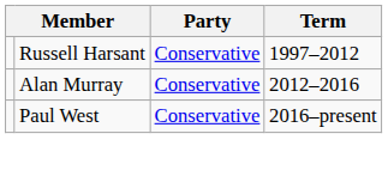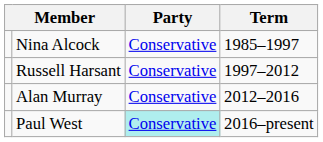 <table class="wikitable">
 <tr>
 <th colspan="2">Member</th>
 <th>Party</th>
 <th>Term</th>
+</tr>
+<tr>
+<td style="background-color: "></td>
+<td>Nina Alcock</td>
+<td><a href='#'>Conservative</a></td>
+<td>1985–1997</td>
 </tr>
 <tr>
 <td style="background-color: "></td>
 <td>Russell Harsant</td>
 <td><a href='#'>Conservative</a></td>
 <td>1997–2012</td>
 </tr>
 <tr>
 <td style="background-color: "></td>
 <td>Alan Murray</td>
 <td><a href='#'>Conservative</a></td>
 <td>2012–2016</td>
 </tr>
 <tr>
 <td style="background-color: "></td>
 <td>Paul West</td>
-<td><a href='#'>Conservative</a></td>
+<td style="background: paleturquoise;"><a href='#'>Conservative</a></td>
 <td>2016–present</td>
 </tr>
 </table>
